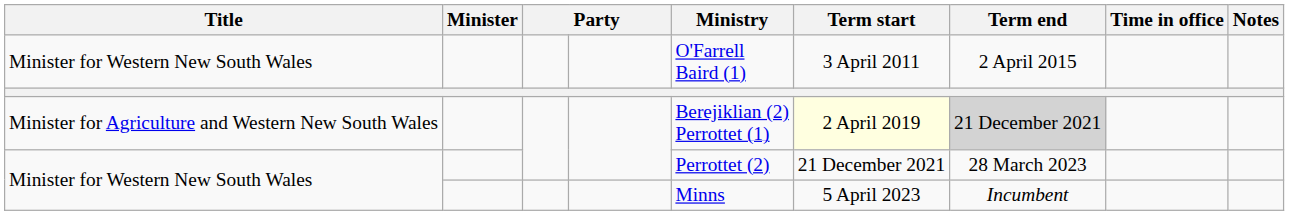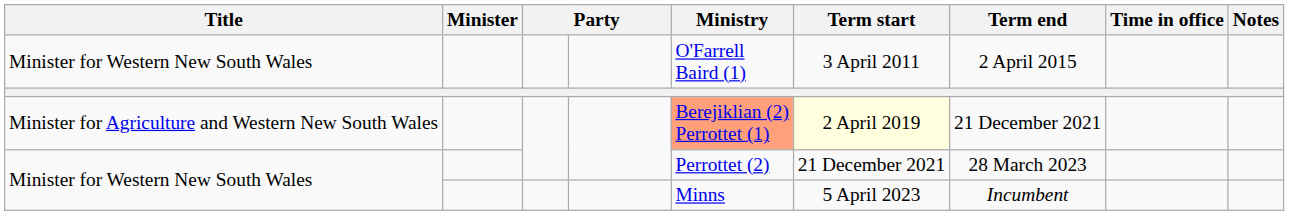 <table class="wikitable sortable">
 <tr>
 <th>Title</th>
 <th>Minister</th>
 <th colspan=2>Party</th>
 <th>Ministry</th>
 <th>Term start</th>
 <th>Term end</th>
 <th>Time in office</th>
 <th class="unsortable">Notes</th>
 </tr>
 <tr>
 <td>Minister for Western New South Wales</td>
 <td></td>
 <td> </td>
 <td width=8%></td>
 <td><a href='#'>O'Farrell</a><br><a href='#'>Baird (1)</a></td>
 <td align=center>3 April 2011</td>
 <td align=center>2 April 2015</td>
 <td align=right><strong></strong></td>
 <td></td>
 </tr>
 <tr>
 <th colspan=9></th>
 </tr>
 <tr>
 <td>Minister for <a href='#'>Agriculture</a> and Western New South Wales</td>
 <td></td>
 <td rowspan=2 > </td>
 <td rowspan=2></td>
-<td><a href='#'>Berejiklian (2)</a><br><a href='#'>Perrottet (1)</a></td>
+<td style="background: lightsalmon;"><a href='#'>Berejiklian (2)</a><br><a href='#'>Perrottet (1)</a></td>
 <td align=center style="background: lightyellow;">2 April 2019</td>
-<td align=center style="background: lightgrey;">21 December 2021</td>
+<td align=center>21 December 2021</td>
 <td align=right></td>
 <td></td>
 </tr>
 <tr>
 <td rowspan=2>Minister for Western New South Wales</td>
 <td></td>
 <td><a href='#'>Perrottet (2)</a></td>
 <td align=center>21 December 2021</td>
 <td align=center>28 March 2023</td>
 <td align=right></td>
 <td></td>
 </tr>
 <tr>
 <td></td>
 <td> </td>
 <td width=8%></td>
 <td><a href='#'>Minns</a></td>
 <td align=center>5 April 2023</td>
 <td align=center><em>Incumbent</em></td>
 <td align=right><strong></strong></td>
 <td></td>
 </tr>
 </table>
